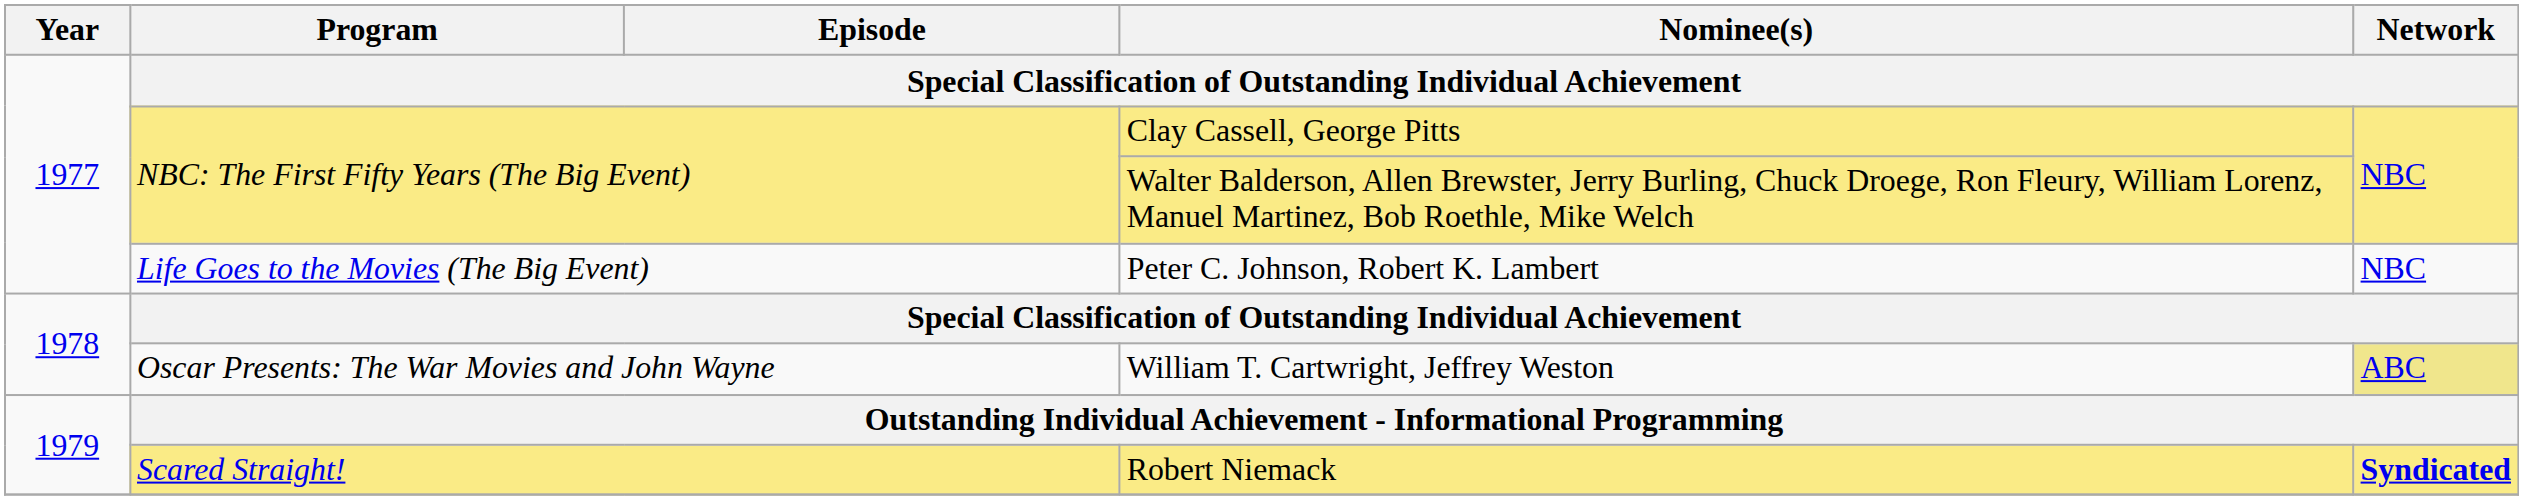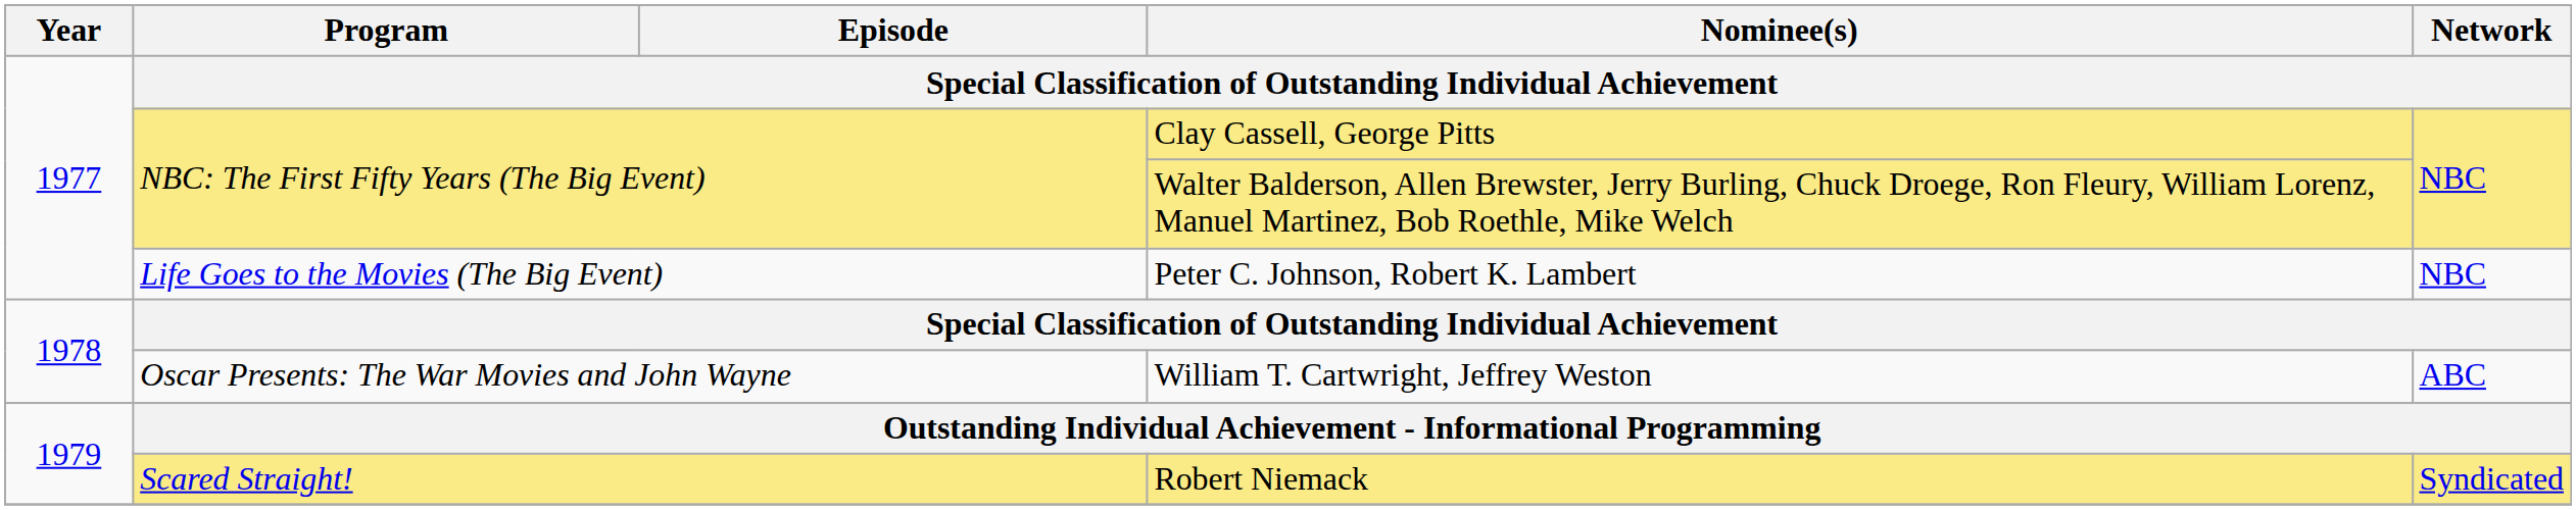 <table class="wikitable" style="width:100%">
 <tr style="background:#bebebe;">
 <th width="5%">Year</th>
 <th width="20%">Program</th>
 <th width="20%">Episode</th>
 <th width="50%">Nominee(s)</th>
 <th width="5%">Network</th>
 </tr>
 <tr>
 <td rowspan=4 style="text-align:center"><a href='#'>1977</a></td>
 <th colspan="4">Special Classification of Outstanding Individual Achievement</th>
 </tr>
 <tr style="background:#FAEB86;">
 <td rowspan=2 colspan=2><em>NBC: The First Fifty Years (The Big Event)</em></td>
 <td>Clay Cassell, George Pitts</td>
 <td rowspan=2><a href='#'>NBC</a></td>
 </tr>
 <tr style="background:#FAEB86;">
 <td>Walter Balderson, Allen Brewster, Jerry Burling, Chuck Droege, Ron Fleury, William Lorenz, Manuel Martinez, Bob Roethle, Mike Welch</td>
 </tr>
 <tr>
 <td colspan=2><em><a href='#'>Life Goes to the Movies</a> (The Big Event)</em></td>
 <td>Peter C. Johnson, Robert K. Lambert</td>
 <td><a href='#'>NBC</a></td>
 </tr>
 <tr>
 <td rowspan=2 style="text-align:center"><a href='#'>1978</a></td>
 <th colspan="4">Special Classification of Outstanding Individual Achievement</th>
 </tr>
 <tr>
 <td colspan=2><em>Oscar Presents: The War Movies and John Wayne</em></td>
 <td>William T. Cartwright, Jeffrey Weston</td>
-<td style="background: khaki;"><a href='#'>ABC</a></td>
+<td><a href='#'>ABC</a></td>
 </tr>
 <tr>
 <td rowspan=2 style="text-align:center"><a href='#'>1979</a></td>
 <th colspan="4">Outstanding Individual Achievement - Informational Programming</th>
 </tr>
 <tr style="background:#FAEB86;">
 <td colspan=2><em><a href='#'>Scared Straight!</a></em></td>
 <td>Robert Niemack</td>
-<td><strong><a href='#'>Syndicated</a></strong></td>
+<td><a href='#'>Syndicated</a></td>
 </tr>
 <tr>
 </tr>
 </table>
